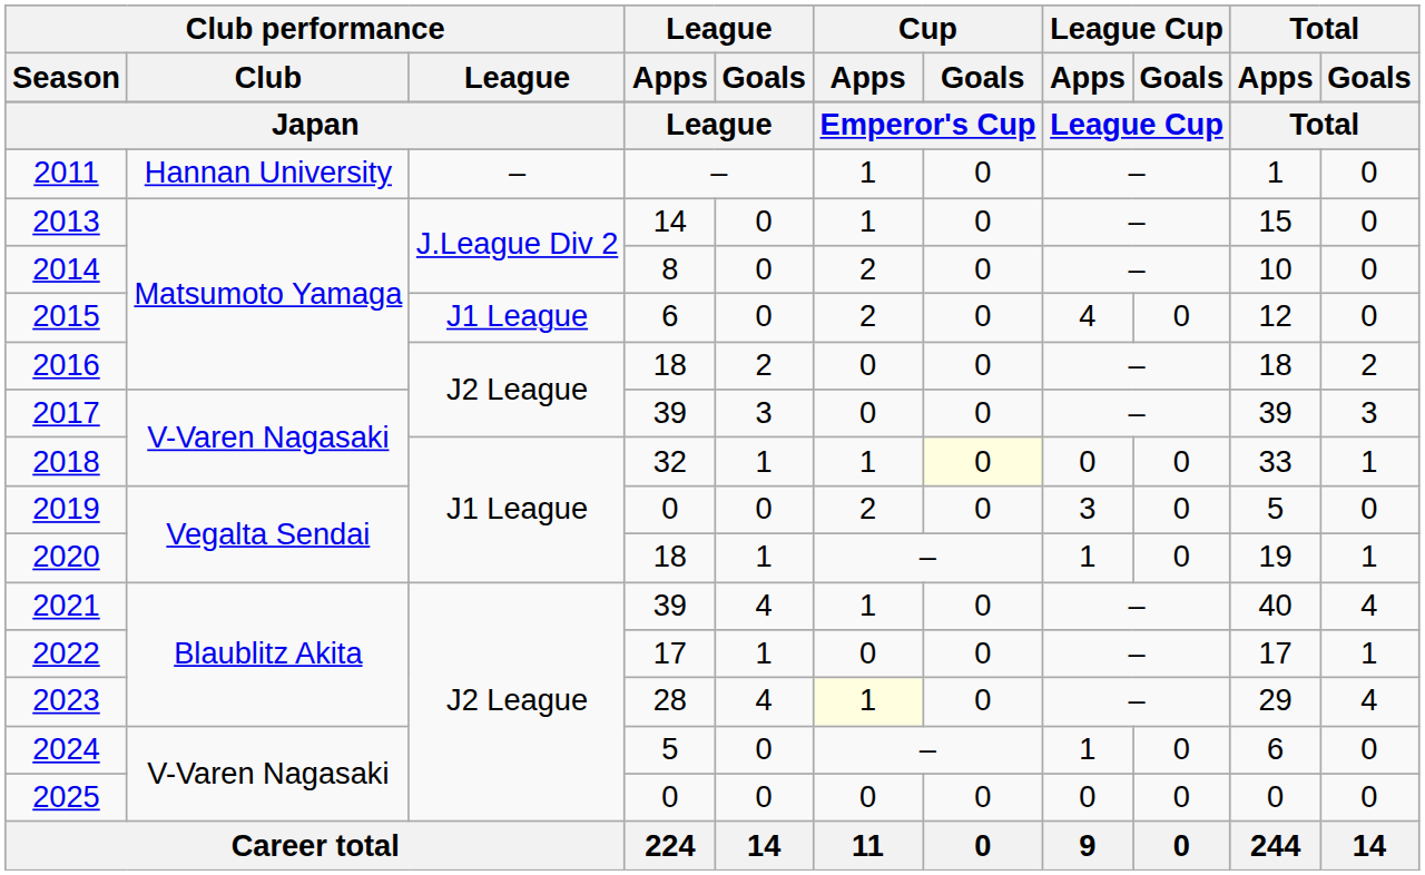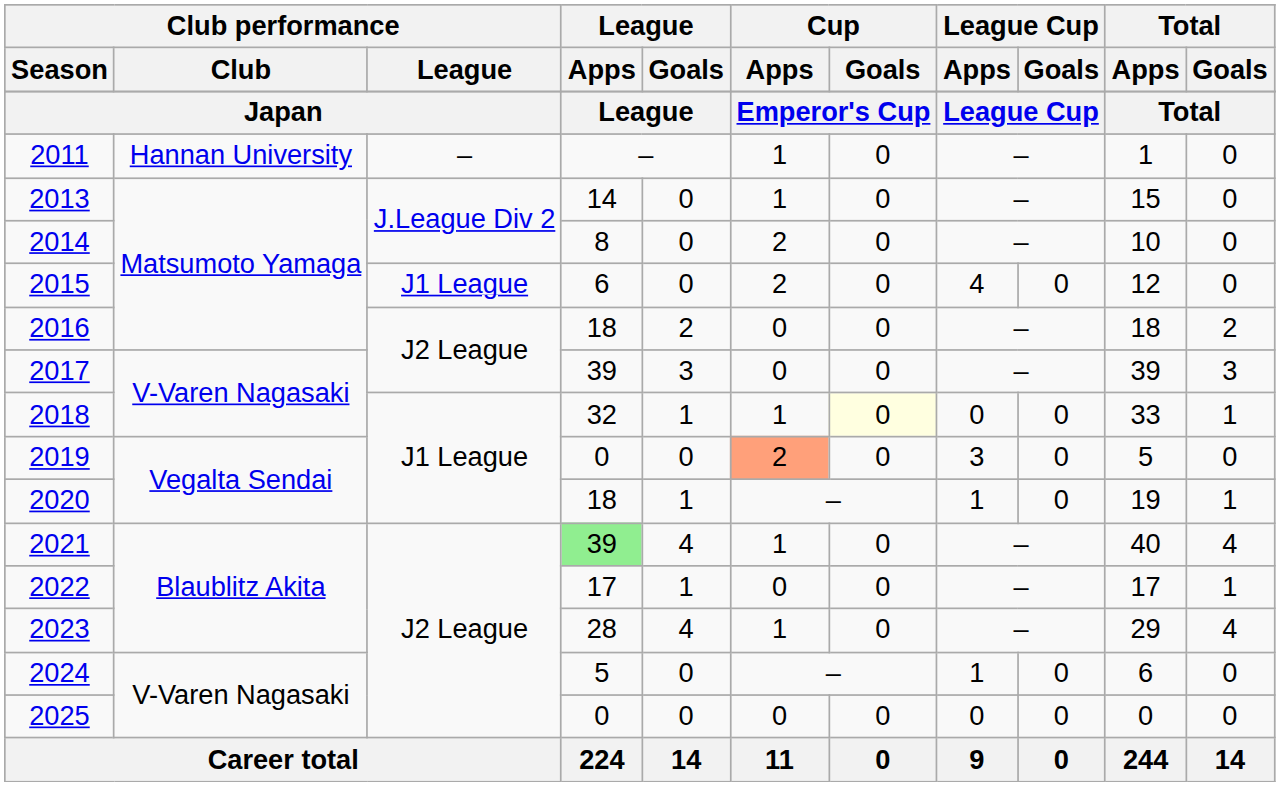 <table class="wikitable" style="text-align:center">
 <tr>
 <th colspan=3>Club performance</th>
 <th colspan=2>League</th>
 <th colspan=2>Cup</th>
 <th colspan=2>League Cup</th>
 <th colspan=2>Total</th>
 </tr>
 <tr>
 <th>Season</th>
 <th>Club</th>
 <th>League</th>
 <th>Apps</th>
 <th>Goals</th>
 <th>Apps</th>
 <th>Goals</th>
 <th>Apps</th>
 <th>Goals</th>
 <th>Apps</th>
 <th>Goals</th>
 </tr>
 <tr>
 </tr>
 <tr>
 <th colspan=3>Japan</th>
 <th colspan=2>League</th>
 <th colspan=2><a href='#'>Emperor's Cup</a></th>
 <th colspan=2><a href='#'>League Cup</a></th>
 <th colspan=2>Total</th>
 </tr>
 <tr>
 <td><a href='#'>2011</a></td>
 <td><a href='#'>Hannan University</a></td>
 <td>–</td>
 <td colspan="2">–</td>
 <td>1</td>
 <td>0</td>
 <td colspan="2">–</td>
 <td>1</td>
 <td>0</td>
 </tr>
 <tr>
 <td><a href='#'>2013</a></td>
 <td rowspan="4"><a href='#'>Matsumoto Yamaga</a></td>
 <td rowspan="2"><a href='#'>J.League Div 2</a></td>
 <td>14</td>
 <td>0</td>
 <td>1</td>
 <td>0</td>
 <td colspan="2">–</td>
 <td>15</td>
 <td>0</td>
 </tr>
 <tr>
 <td><a href='#'>2014</a></td>
 <td>8</td>
 <td>0</td>
 <td>2</td>
 <td>0</td>
 <td colspan="2">–</td>
 <td>10</td>
 <td>0</td>
 </tr>
 <tr>
 <td><a href='#'>2015</a></td>
 <td><a href='#'>J1 League</a></td>
 <td>6</td>
 <td>0</td>
 <td>2</td>
 <td>0</td>
 <td>4</td>
 <td>0</td>
 <td>12</td>
 <td>0</td>
 </tr>
 <tr>
 <td><a href='#'>2016</a></td>
 <td rowspan="2">J2 League</td>
 <td>18</td>
 <td>2</td>
 <td>0</td>
 <td>0</td>
 <td colspan="2">–</td>
 <td>18</td>
 <td>2</td>
 </tr>
 <tr>
 <td><a href='#'>2017</a></td>
 <td rowspan=2><a href='#'>V-Varen Nagasaki</a></td>
 <td>39</td>
 <td>3</td>
 <td>0</td>
 <td>0</td>
 <td colspan="2">–</td>
 <td>39</td>
 <td>3</td>
 </tr>
 <tr>
 <td><a href='#'>2018</a></td>
 <td rowspan=3>J1 League</td>
 <td>32</td>
 <td>1</td>
 <td>1</td>
 <td style="background: lightyellow;">0</td>
 <td>0</td>
 <td>0</td>
 <td>33</td>
 <td>1</td>
 </tr>
 <tr>
 <td><a href='#'>2019</a></td>
 <td rowspan=2><a href='#'>Vegalta Sendai</a></td>
 <td>0</td>
 <td>0</td>
-<td>2</td>
+<td style="background: lightsalmon;">2</td>
 <td>0</td>
 <td>3</td>
 <td>0</td>
 <td>5</td>
 <td>0</td>
 </tr>
 <tr>
 <td><a href='#'>2020</a></td>
 <td>18</td>
 <td>1</td>
 <td colspan="2">–</td>
 <td>1</td>
 <td>0</td>
 <td>19</td>
 <td>1</td>
 </tr>
 <tr>
 <td><a href='#'>2021</a></td>
 <td rowspan="3"><a href='#'>Blaublitz Akita</a></td>
 <td rowspan="5">J2 League</td>
-<td>39</td>
+<td style="background: lightgreen;">39</td>
 <td>4</td>
 <td>1</td>
 <td>0</td>
 <td colspan="2">–</td>
 <td>40</td>
 <td>4</td>
 </tr>
 <tr>
 <td><a href='#'>2022</a></td>
 <td>17</td>
 <td>1</td>
 <td>0</td>
 <td>0</td>
 <td colspan="2">–</td>
 <td>17</td>
 <td>1</td>
 </tr>
 <tr>
 <td><a href='#'>2023</a></td>
 <td>28</td>
 <td>4</td>
-<td style="background: lightyellow;">1</td>
+<td>1</td>
 <td>0</td>
 <td colspan="2">–</td>
 <td>29</td>
 <td>4</td>
 </tr>
 <tr>
 <td><a href='#'>2024</a></td>
 <td rowspan="2">V-Varen Nagasaki</td>
 <td>5</td>
 <td>0</td>
 <td colspan="2">–</td>
 <td>1</td>
 <td>0</td>
 <td>6</td>
 <td>0</td>
 </tr>
 <tr>
 <td><a href='#'>2025</a></td>
 <td>0</td>
 <td>0</td>
 <td>0</td>
 <td>0</td>
 <td>0</td>
 <td>0</td>
 <td>0</td>
 <td>0</td>
 </tr>
 <tr>
 <th colspan=3>Career total</th>
 <th>224</th>
 <th>14</th>
 <th>11</th>
 <th>0</th>
 <th>9</th>
 <th>0</th>
 <th>244</th>
 <th>14</th>
 </tr>
 </table>
